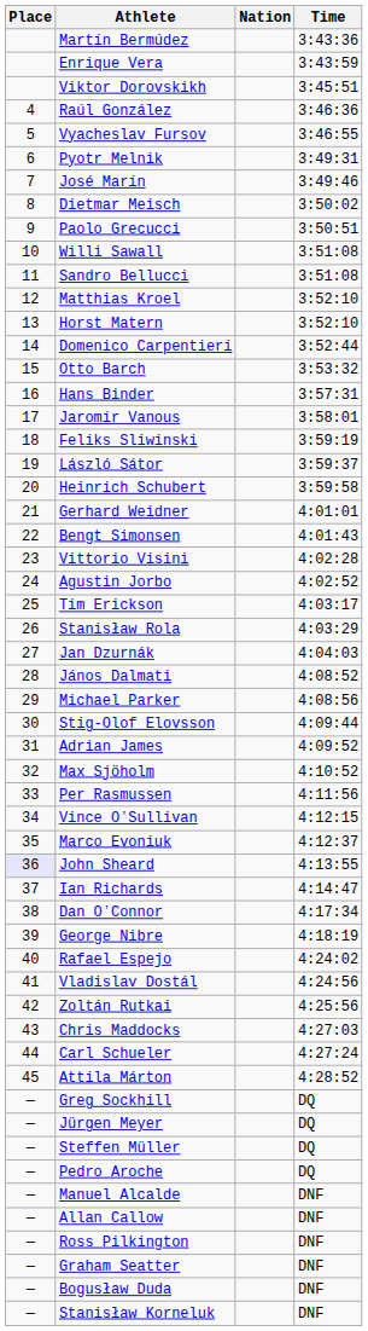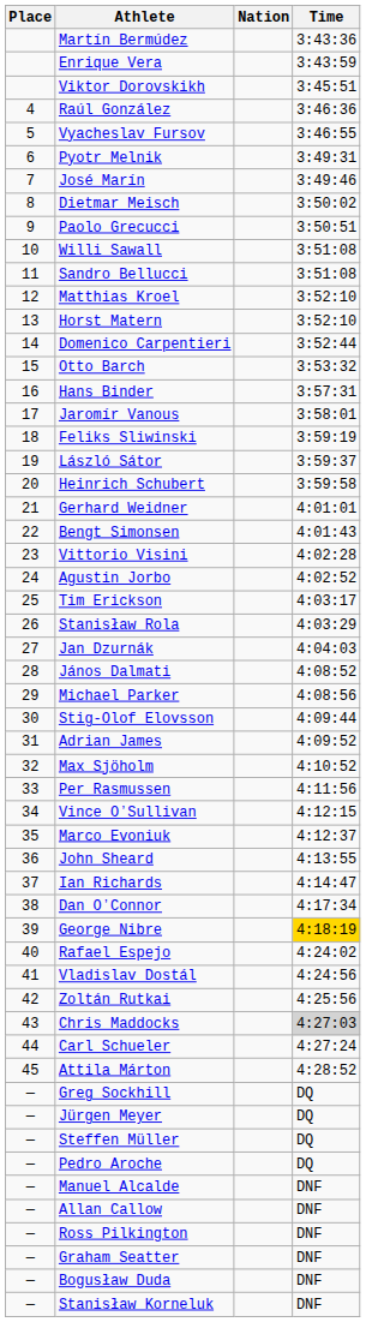 <table class=wikitable>
 <tr>
 <th>Place</th>
 <th>Athlete</th>
 <th>Nation</th>
 <th>Time</th>
 </tr>
 <tr>
 <td align=center></td>
 <td><a href='#'>Martín Bermúdez</a></td>
 <td></td>
 <td>3:43:36</td>
 </tr>
 <tr>
 <td align=center></td>
 <td><a href='#'>Enrique Vera</a></td>
 <td></td>
 <td>3:43:59</td>
 </tr>
 <tr>
 <td align=center></td>
 <td><a href='#'>Viktor Dorovskikh</a></td>
 <td></td>
 <td>3:45:51</td>
 </tr>
 <tr>
 <td align=center>4</td>
 <td><a href='#'>Raúl González</a></td>
 <td></td>
 <td>3:46:36</td>
 </tr>
 <tr>
 <td align=center>5</td>
 <td><a href='#'>Vyacheslav Fursov</a></td>
 <td></td>
 <td>3:46:55</td>
 </tr>
 <tr>
 <td align=center>6</td>
 <td><a href='#'>Pyotr Melnik</a></td>
 <td></td>
 <td>3:49:31</td>
 </tr>
 <tr>
 <td align=center>7</td>
 <td><a href='#'>José Marín</a></td>
 <td></td>
 <td>3:49:46</td>
 </tr>
 <tr>
 <td align=center>8</td>
 <td><a href='#'>Dietmar Meisch</a></td>
 <td></td>
 <td>3:50:02</td>
 </tr>
 <tr>
 <td align=center>9</td>
 <td><a href='#'>Paolo Grecucci</a></td>
 <td></td>
 <td>3:50:51</td>
 </tr>
 <tr>
 <td align=center>10</td>
 <td><a href='#'>Willi Sawall</a></td>
 <td></td>
 <td>3:51:08</td>
 </tr>
 <tr>
 <td align=center>11</td>
 <td><a href='#'>Sandro Bellucci</a></td>
 <td></td>
 <td>3:51:08</td>
 </tr>
 <tr>
 <td align=center>12</td>
 <td><a href='#'>Matthias Kroel</a></td>
 <td></td>
 <td>3:52:10</td>
 </tr>
 <tr>
 <td align=center>13</td>
 <td><a href='#'>Horst Matern</a></td>
 <td></td>
 <td>3:52:10</td>
 </tr>
 <tr>
 <td align=center>14</td>
 <td><a href='#'>Domenico Carpentieri</a></td>
 <td></td>
 <td>3:52:44</td>
 </tr>
 <tr>
 <td align=center>15</td>
 <td><a href='#'>Otto Barch</a></td>
 <td></td>
 <td>3:53:32</td>
 </tr>
 <tr>
 <td align=center>16</td>
 <td><a href='#'>Hans Binder</a></td>
 <td></td>
 <td>3:57:31</td>
 </tr>
 <tr>
 <td align=center>17</td>
 <td><a href='#'>Jaromír Vanous</a></td>
 <td></td>
 <td>3:58:01</td>
 </tr>
 <tr>
 <td align=center>18</td>
 <td><a href='#'>Feliks Sliwinski</a></td>
 <td></td>
 <td>3:59:19</td>
 </tr>
 <tr>
 <td align=center>19</td>
 <td><a href='#'>László Sátor</a></td>
 <td></td>
 <td>3:59:37</td>
 </tr>
 <tr>
 <td align=center>20</td>
 <td><a href='#'>Heinrich Schubert</a></td>
 <td></td>
 <td>3:59:58</td>
 </tr>
 <tr>
 <td align=center>21</td>
 <td><a href='#'>Gerhard Weidner</a></td>
 <td></td>
 <td>4:01:01</td>
 </tr>
 <tr>
 <td align=center>22</td>
 <td><a href='#'>Bengt Simonsen</a></td>
 <td></td>
 <td>4:01:43</td>
 </tr>
 <tr>
 <td align=center>23</td>
 <td><a href='#'>Vittorio Visini</a></td>
 <td></td>
 <td>4:02:28</td>
 </tr>
 <tr>
 <td align=center>24</td>
 <td><a href='#'>Agustin Jorbo</a></td>
 <td></td>
 <td>4:02:52</td>
 </tr>
 <tr>
 <td align=center>25</td>
 <td><a href='#'>Tim Erickson</a></td>
 <td></td>
 <td>4:03:17</td>
 </tr>
 <tr>
 <td align=center>26</td>
 <td><a href='#'>Stanisław Rola</a></td>
 <td></td>
 <td>4:03:29</td>
 </tr>
 <tr>
 <td align=center>27</td>
 <td><a href='#'>Jan Dzurnák</a></td>
 <td></td>
 <td>4:04:03</td>
 </tr>
 <tr>
 <td align=center>28</td>
 <td><a href='#'>János Dalmati</a></td>
 <td></td>
 <td>4:08:52</td>
 </tr>
 <tr>
 <td align=center>29</td>
 <td><a href='#'>Michael Parker</a></td>
 <td></td>
 <td>4:08:56</td>
 </tr>
 <tr>
 <td align=center>30</td>
 <td><a href='#'>Stig-Olof Elovsson</a></td>
 <td></td>
 <td>4:09:44</td>
 </tr>
 <tr>
 <td align=center>31</td>
 <td><a href='#'>Adrian James</a></td>
 <td></td>
 <td>4:09:52</td>
 </tr>
 <tr>
 <td align=center>32</td>
 <td><a href='#'>Max Sjöholm</a></td>
 <td></td>
 <td>4:10:52</td>
 </tr>
 <tr>
 <td align=center>33</td>
 <td><a href='#'>Per Rasmussen</a></td>
 <td></td>
 <td>4:11:56</td>
 </tr>
 <tr>
 <td align=center>34</td>
 <td><a href='#'>Vince OʼSullivan</a></td>
 <td></td>
 <td>4:12:15</td>
 </tr>
 <tr>
 <td align=center>35</td>
 <td><a href='#'>Marco Evoniuk</a></td>
 <td></td>
 <td>4:12:37</td>
 </tr>
 <tr>
-<td align=center style="background: lavender;">36</td>
+<td align=center>36</td>
 <td><a href='#'>John Sheard</a></td>
 <td></td>
 <td>4:13:55</td>
 </tr>
 <tr>
 <td align=center>37</td>
 <td><a href='#'>Ian Richards</a></td>
 <td></td>
 <td>4:14:47</td>
 </tr>
 <tr>
 <td align=center>38</td>
 <td><a href='#'>Dan OʼConnor</a></td>
 <td></td>
 <td>4:17:34</td>
 </tr>
 <tr>
 <td align=center>39</td>
 <td><a href='#'>George Nibre</a></td>
 <td></td>
-<td>4:18:19</td>
+<td style="background: gold;">4:18:19</td>
 </tr>
 <tr>
 <td align=center>40</td>
 <td><a href='#'>Rafael Espejo</a></td>
 <td></td>
 <td>4:24:02</td>
 </tr>
 <tr>
 <td align=center>41</td>
 <td><a href='#'>Vladislav Dostál</a></td>
 <td></td>
 <td>4:24:56</td>
 </tr>
 <tr>
 <td align=center>42</td>
 <td><a href='#'>Zoltán Rutkai</a></td>
 <td></td>
 <td>4:25:56</td>
 </tr>
 <tr>
 <td align=center>43</td>
 <td><a href='#'>Chris Maddocks</a></td>
 <td></td>
-<td>4:27:03</td>
+<td style="background: lightgrey;">4:27:03</td>
 </tr>
 <tr>
 <td align=center>44</td>
 <td><a href='#'>Carl Schueler</a></td>
 <td></td>
 <td>4:27:24</td>
 </tr>
 <tr>
 <td align=center>45</td>
 <td><a href='#'>Attila Márton</a></td>
 <td></td>
 <td>4:28:52</td>
 </tr>
 <tr>
 <td align=center>—</td>
 <td><a href='#'>Greg Sockhill</a></td>
 <td></td>
 <td>DQ</td>
 </tr>
 <tr>
 <td align=center>—</td>
 <td><a href='#'>Jürgen Meyer</a></td>
 <td></td>
 <td>DQ</td>
 </tr>
 <tr>
 <td align=center>—</td>
 <td><a href='#'>Steffen Müller</a></td>
 <td></td>
 <td>DQ</td>
 </tr>
 <tr>
 <td align=center>—</td>
 <td><a href='#'>Pedro Aroche</a></td>
 <td></td>
 <td>DQ</td>
 </tr>
 <tr>
 <td align=center>—</td>
 <td><a href='#'>Manuel Alcalde</a></td>
 <td></td>
 <td>DNF</td>
 </tr>
 <tr>
 <td align=center>—</td>
 <td><a href='#'>Allan Callow</a></td>
 <td></td>
 <td>DNF</td>
 </tr>
 <tr>
 <td align=center>—</td>
 <td><a href='#'>Ross Pilkington</a></td>
 <td></td>
 <td>DNF</td>
 </tr>
 <tr>
 <td align=center>—</td>
 <td><a href='#'>Graham Seatter</a></td>
 <td></td>
 <td>DNF</td>
 </tr>
 <tr>
 <td align=center>—</td>
 <td><a href='#'>Bogusław Duda</a></td>
 <td></td>
 <td>DNF</td>
 </tr>
 <tr>
 <td align=center>—</td>
 <td><a href='#'>Stanisław Korneluk</a></td>
 <td></td>
 <td>DNF</td>
 </tr>
 </table>
